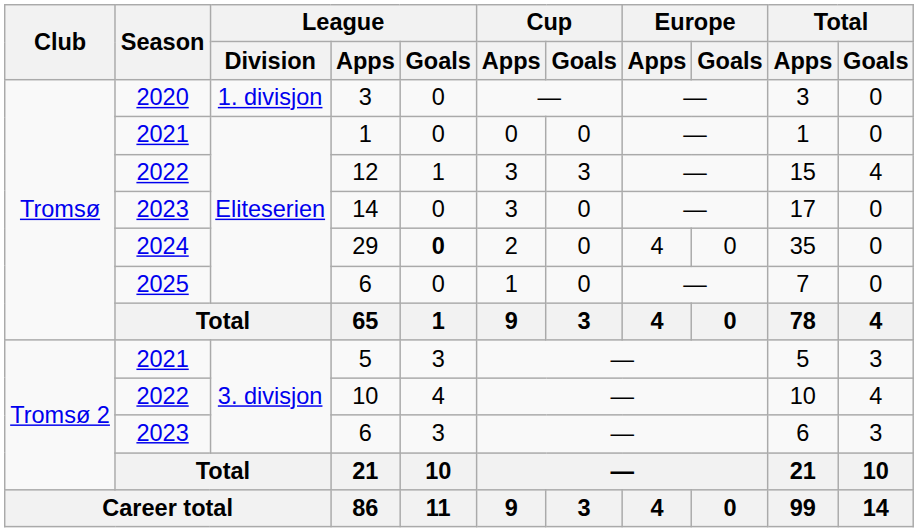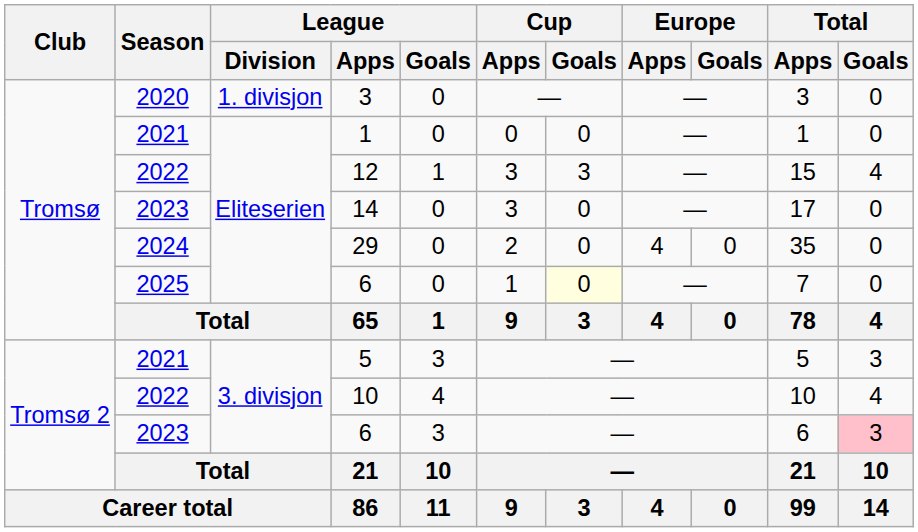 <table class="wikitable" style="text-align: center">
 <tr>
 <th rowspan=2>Club</th>
 <th rowspan=2>Season</th>
 <th colspan=3>League</th>
 <th colspan=2>Cup</th>
 <th colspan=2>Europe</th>
 <th colspan=2>Total</th>
 </tr>
 <tr>
 <th>Division</th>
 <th>Apps</th>
 <th>Goals</th>
 <th>Apps</th>
 <th>Goals</th>
 <th>Apps</th>
 <th>Goals</th>
 <th>Apps</th>
 <th>Goals</th>
 </tr>
 <tr>
 <td rowspan=7><a href='#'>Tromsø</a></td>
 <td><a href='#'>2020</a></td>
 <td><a href='#'>1. divisjon</a></td>
 <td>3</td>
 <td>0</td>
 <td colspan=2>—</td>
 <td colspan=2>—</td>
 <td>3</td>
 <td>0</td>
 </tr>
 <tr>
 <td><a href='#'>2021</a></td>
 <td rowspan=5><a href='#'>Eliteserien</a></td>
 <td>1</td>
 <td>0</td>
 <td>0</td>
 <td>0</td>
 <td colspan=2>—</td>
 <td>1</td>
 <td>0</td>
 </tr>
 <tr>
 <td><a href='#'>2022</a></td>
 <td>12</td>
 <td>1</td>
 <td>3</td>
 <td>3</td>
 <td colspan=2>—</td>
 <td>15</td>
 <td>4</td>
 </tr>
 <tr>
 <td><a href='#'>2023</a></td>
 <td>14</td>
 <td>0</td>
 <td>3</td>
 <td>0</td>
 <td colspan=2>—</td>
 <td>17</td>
 <td>0</td>
 </tr>
 <tr>
 <td><a href='#'>2024</a></td>
 <td>29</td>
-<td><strong>0</strong></td>
+<td>0</td>
 <td>2</td>
 <td>0</td>
 <td>4</td>
 <td>0</td>
 <td>35</td>
 <td>0</td>
 </tr>
 <tr>
 <td><a href='#'>2025</a></td>
 <td>6</td>
 <td>0</td>
 <td>1</td>
-<td>0</td>
+<td style="background: lightyellow;">0</td>
 <td colspan=2>—</td>
 <td>7</td>
 <td>0</td>
 </tr>
 <tr>
 <th colspan=2>Total</th>
 <th>65</th>
 <th>1</th>
 <th>9</th>
 <th>3</th>
 <th>4</th>
 <th>0</th>
 <th>78</th>
 <th>4</th>
 </tr>
 <tr>
 <td rowspan=4><a href='#'>Tromsø 2</a></td>
 <td><a href='#'>2021</a></td>
 <td rowspan=3><a href='#'>3. divisjon</a></td>
 <td>5</td>
 <td>3</td>
 <td colspan=4>—</td>
 <td>5</td>
 <td>3</td>
 </tr>
 <tr>
 <td><a href='#'>2022</a></td>
 <td>10</td>
 <td>4</td>
 <td colspan=4>—</td>
 <td>10</td>
 <td>4</td>
 </tr>
 <tr>
 <td><a href='#'>2023</a></td>
 <td>6</td>
 <td>3</td>
 <td colspan=4>—</td>
 <td>6</td>
-<td>3</td>
+<td style="background: pink;">3</td>
 </tr>
 <tr>
 <th colspan=2>Total</th>
 <th>21</th>
 <th>10</th>
 <th colspan=4>—</th>
 <th>21</th>
 <th>10</th>
 </tr>
 <tr>
 <th colspan=3>Career total</th>
 <th>86</th>
 <th>11</th>
 <th>9</th>
 <th>3</th>
 <th>4</th>
 <th>0</th>
 <th>99</th>
 <th>14</th>
 </tr>
 </table>
